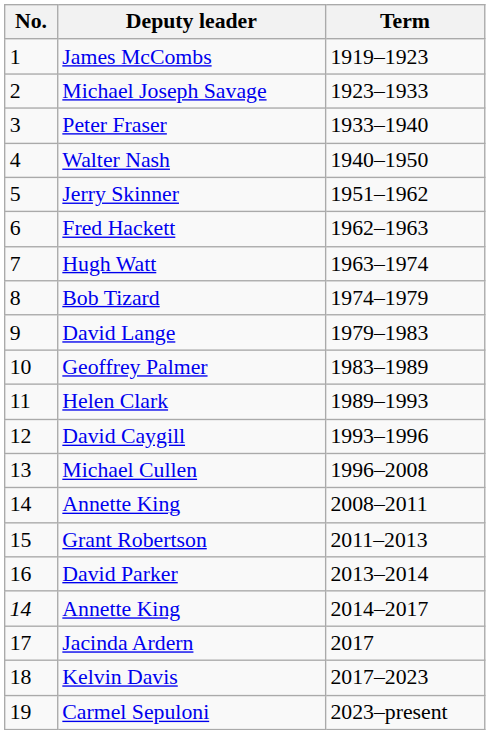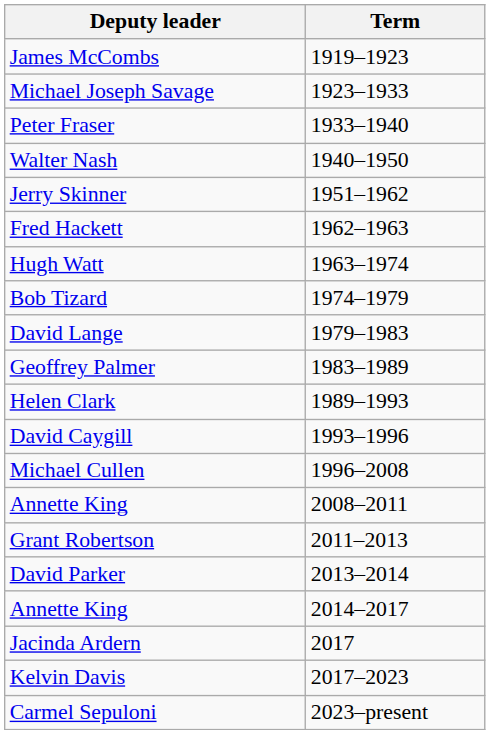 <table class="wikitable"  style="width:28%;">
 <tr>
-<th>No.</th>
 <th>Deputy leader</th>
 <th>Term</th>
 </tr>
 <tr>
-<td>1</td>
 <td><a href='#'>James McCombs</a></td>
 <td>1919–1923</td>
 </tr>
 <tr>
-<td>2</td>
 <td><a href='#'>Michael Joseph Savage</a></td>
 <td>1923–1933</td>
 </tr>
 <tr>
-<td>3</td>
 <td><a href='#'>Peter Fraser</a></td>
 <td>1933–1940</td>
 </tr>
 <tr>
-<td>4</td>
 <td><a href='#'>Walter Nash</a></td>
 <td>1940–1950</td>
 </tr>
 <tr>
-<td>5</td>
 <td><a href='#'>Jerry Skinner</a></td>
 <td>1951–1962</td>
 </tr>
 <tr>
-<td>6</td>
 <td><a href='#'>Fred Hackett</a></td>
 <td>1962–1963</td>
 </tr>
 <tr>
-<td>7</td>
 <td><a href='#'>Hugh Watt</a></td>
 <td>1963–1974</td>
 </tr>
 <tr>
-<td>8</td>
 <td><a href='#'>Bob Tizard</a></td>
 <td>1974–1979</td>
 </tr>
 <tr>
-<td>9</td>
 <td><a href='#'>David Lange</a></td>
 <td>1979–1983</td>
 </tr>
 <tr>
-<td>10</td>
 <td><a href='#'>Geoffrey Palmer</a></td>
 <td>1983–1989</td>
 </tr>
 <tr>
-<td>11</td>
 <td><a href='#'>Helen Clark</a></td>
 <td>1989–1993</td>
 </tr>
 <tr>
-<td>12</td>
 <td><a href='#'>David Caygill</a></td>
 <td>1993–1996</td>
 </tr>
 <tr>
-<td>13</td>
 <td><a href='#'>Michael Cullen</a></td>
 <td>1996–2008</td>
 </tr>
 <tr>
-<td>14</td>
 <td><a href='#'>Annette King</a></td>
 <td>2008–2011</td>
 </tr>
 <tr>
-<td>15</td>
 <td><a href='#'>Grant Robertson</a></td>
 <td>2011–2013</td>
 </tr>
 <tr>
-<td>16</td>
 <td><a href='#'>David Parker</a></td>
 <td>2013–2014</td>
 </tr>
 <tr>
-<td><em>14</em></td>
 <td><a href='#'>Annette King</a></td>
 <td>2014–2017</td>
 </tr>
 <tr>
-<td>17</td>
 <td><a href='#'>Jacinda Ardern</a></td>
 <td>2017</td>
 </tr>
 <tr>
-<td>18</td>
 <td><a href='#'>Kelvin Davis</a></td>
 <td>2017–2023</td>
 </tr>
 <tr>
-<td>19</td>
 <td><a href='#'>Carmel Sepuloni</a></td>
 <td>2023–present</td>
 </tr>
 </table>
